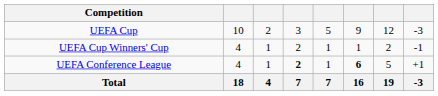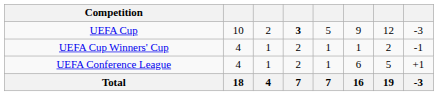 <table class="wikitable unsortable" style="text-align:center" width="50%">
 <tr>
 <th>Competition</th>
 <th></th>
 <th></th>
 <th></th>
 <th></th>
 <th></th>
 <th></th>
 <th></th>
 </tr>
 <tr>
 <td><a href='#'>UEFA Cup</a></td>
 <td width="7%">10</td>
 <td width="7%">2</td>
-<td width="7%">3</td>
+<td width="7%"><strong>3</strong></td>
 <td width="7%">5</td>
 <td width="7%">9</td>
 <td width="7%">12</td>
 <td width="7%">-3</td>
 </tr>
 <tr>
 <td><a href='#'>UEFA Cup Winners' Cup</a></td>
 <td>4</td>
 <td>1</td>
 <td>2</td>
 <td>1</td>
 <td>1</td>
 <td>2</td>
 <td>-1</td>
 </tr>
 <tr>
 <td><a href='#'>UEFA Conference League</a></td>
 <td>4</td>
 <td>1</td>
-<td><strong>2</strong></td>
+<td>2</td>
 <td>1</td>
-<td><strong>6</strong></td>
+<td>6</td>
 <td>5</td>
 <td>+1</td>
 </tr>
 <tr>
 <th>Total</th>
 <th>18</th>
 <th>4</th>
 <th>7</th>
 <th>7</th>
 <th>16</th>
 <th>19</th>
 <th>-3</th>
 </tr>
 </table>
